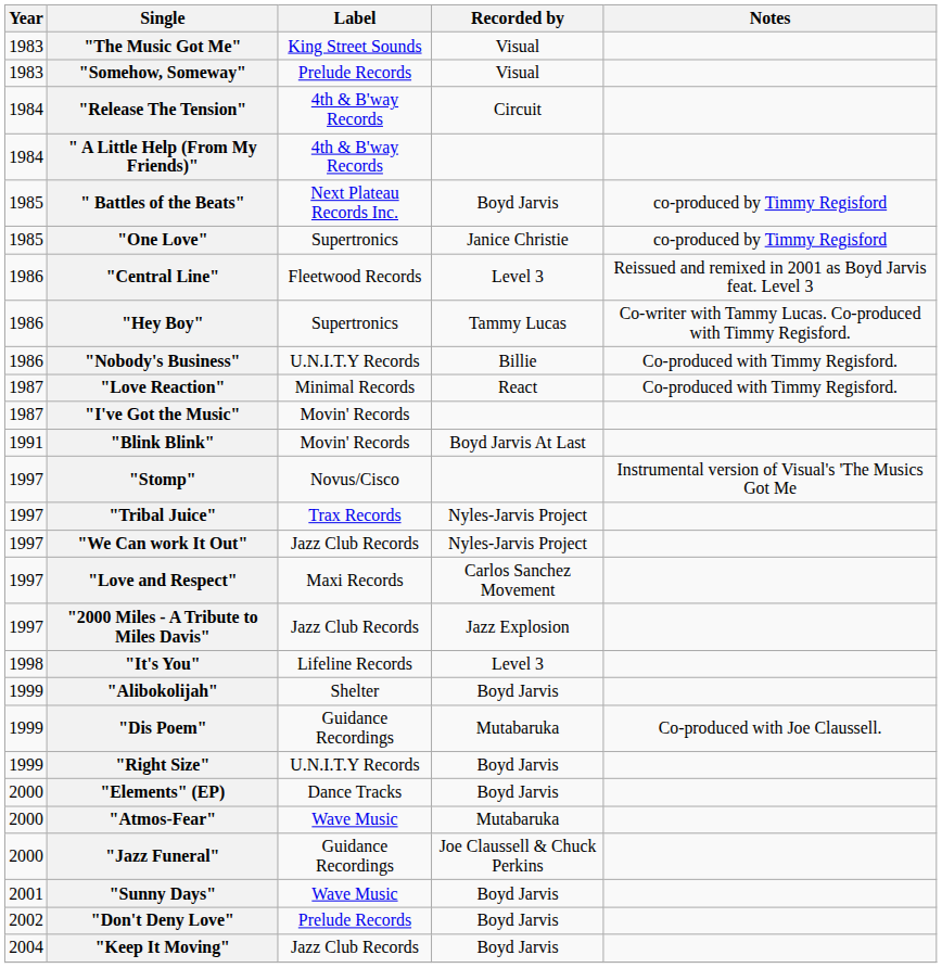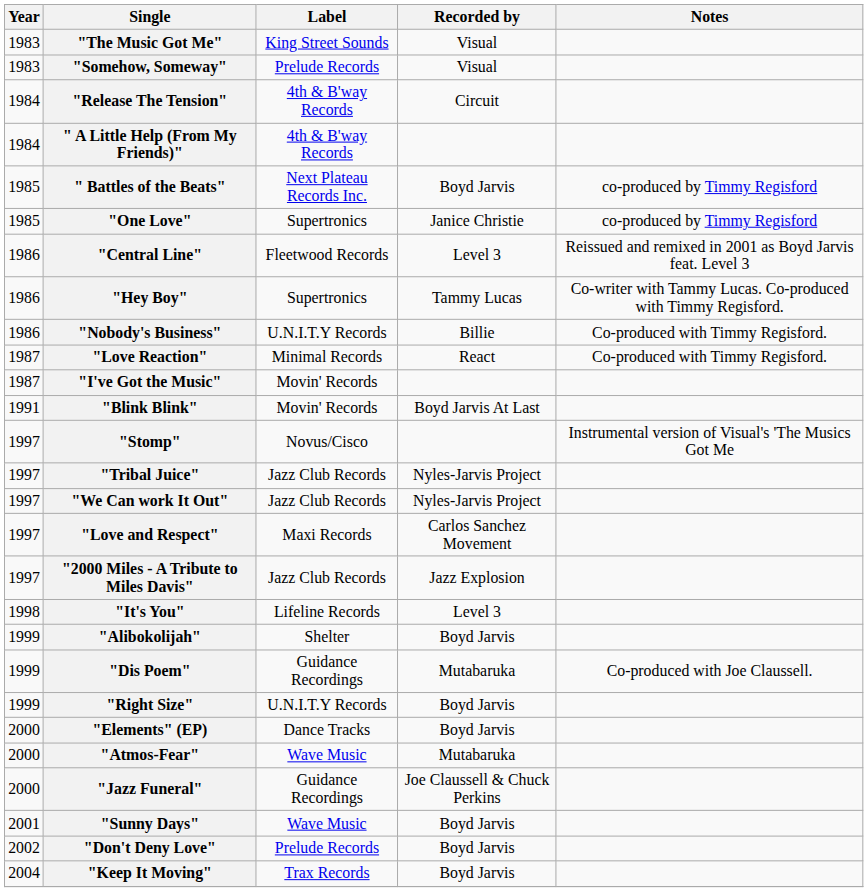 <table class="wikitable sortable" style="text-align:center;">
 <tr>
 <th>Year</th>
 <th>Single</th>
 <th>Label</th>
 <th>Recorded by</th>
 <th>Notes</th>
 </tr>
 <tr>
 <td>1983</td>
 <th scope="row">"The Music Got Me"</th>
 <td><a href='#'>King Street Sounds</a></td>
 <td>Visual</td>
 <td></td>
 </tr>
 <tr>
 <td>1983</td>
 <th scope="row">"Somehow, Someway"</th>
 <td><a href='#'>Prelude Records</a></td>
 <td>Visual</td>
 <td></td>
 </tr>
 <tr>
 <td>1984</td>
 <th scope="row">"Release The Tension"</th>
 <td><a href='#'>4th & B'way Records</a></td>
 <td>Circuit</td>
 <td></td>
 </tr>
 <tr>
 <td>1984</td>
 <th scope="row" align="left">" A Little Help (From My Friends)"</th>
 <td><a href='#'>4th & B'way Records</a></td>
 <td Circuit></td>
 <td></td>
 </tr>
 <tr>
 <td>1985</td>
 <th scope="row" align="left">" Battles of the Beats"</th>
 <td><a href='#'>Next Plateau Records Inc.</a></td>
 <td>Boyd Jarvis</td>
 <td>co-produced by <a href='#'>Timmy Regisford</a></td>
 </tr>
 <tr>
 <td>1985</td>
 <th scope="row">"One Love"</th>
 <td>Supertronics</td>
 <td>Janice Christie</td>
 <td>co-produced by <a href='#'>Timmy Regisford</a></td>
 </tr>
 <tr>
 <td>1986</td>
 <th scope="row">"Central Line"</th>
 <td>Fleetwood Records</td>
 <td>Level 3</td>
 <td>Reissued and remixed in 2001 as Boyd Jarvis feat. Level 3</td>
 </tr>
 <tr>
 <td>1986</td>
 <th scope="row">"Hey Boy"</th>
 <td>Supertronics</td>
 <td>Tammy Lucas</td>
 <td>Co-writer with Tammy Lucas. Co-produced with Timmy Regisford.</td>
 </tr>
 <tr>
 <td>1986</td>
 <th scope="row">"Nobody's Business"</th>
 <td>U.N.I.T.Y Records</td>
 <td>Billie</td>
 <td>Co-produced with Timmy Regisford.</td>
 </tr>
 <tr>
 <td>1987</td>
 <th scope="row">"Love Reaction"</th>
 <td>Minimal Records</td>
 <td>React</td>
 <td>Co-produced with Timmy Regisford.</td>
 </tr>
 <tr>
 <td>1987</td>
 <th scope="row">"I've Got the Music"</th>
 <td>Movin' Records</td>
 <td Before The Storm Featuring Boyd Jarvis></td>
 <td></td>
 </tr>
 <tr>
 <td>1991</td>
 <th scope="row">"Blink Blink"</th>
 <td>Movin' Records</td>
 <td>Boyd Jarvis At Last</td>
 <td></td>
 </tr>
 <tr>
 <td>1997</td>
 <th scope="row">"Stomp"</th>
 <td>Novus/Cisco</td>
 <td></td>
 <td>Instrumental version of Visual's 'The Musics Got Me<em></td>
 </tr>
 <tr>
 <td>1997</td>
 <th scope="row">"Tribal Juice"</th>
-<td><a href='#'>Trax Records</a></td>
+<td>Jazz Club Records</td>
 <td>Nyles-Jarvis Project</td>
 <td></td>
 </tr>
 <tr>
 <td>1997</td>
 <th scope="row">"We Can work It Out"</th>
 <td>Jazz Club Records</td>
 <td>Nyles-Jarvis Project</td>
 <td></td>
 </tr>
 <tr>
 <td>1997</td>
 <th scope="row">"Love and Respect"</th>
 <td>Maxi Records</td>
 <td>Carlos Sanchez Movement</td>
 <td></td>
 </tr>
 <tr>
 <td>1997</td>
 <th scope="row">"2000 Miles - A Tribute to Miles Davis"</th>
 <td>Jazz Club Records</td>
 <td>Jazz Explosion</td>
 <td></td>
 </tr>
 <tr>
 <td>1998</td>
 <th scope="row">"It's You"</th>
 <td>Lifeline Records</td>
 <td>Level 3</td>
 <td></td>
 </tr>
 <tr>
 <td>1999</td>
 <th scope="row">"Alibokolijah"</th>
 <td>Shelter</td>
 <td>Boyd Jarvis</td>
 <td></td>
 </tr>
 <tr>
 <td>1999</td>
 <th scope="row">"Dis Poem"</th>
 <td>Guidance Recordings</td>
 <td>Mutabaruka</td>
 <td>Co-produced with Joe Claussell.</td>
 </tr>
 <tr>
 <td>1999</td>
 <th scope="row">"Right Size"</th>
 <td>U.N.I.T.Y Records</td>
 <td>Boyd Jarvis</td>
 <td></td>
 </tr>
 <tr>
 <td>2000</td>
 <th scope="row">"Elements" (EP)</th>
 <td>Dance Tracks</td>
 <td>Boyd Jarvis</td>
 <td></td>
 </tr>
 <tr>
 <td>2000</td>
 <th scope="row">"Atmos-Fear"</th>
 <td><a href='#'>Wave Music</a></td>
 <td>Mutabaruka</td>
 <td></td>
 </tr>
 <tr>
 <td>2000</td>
 <th scope="row">"Jazz Funeral"</th>
 <td>Guidance Recordings</td>
 <td>Joe Claussell & Chuck Perkins</td>
 <td></td>
 </tr>
 <tr>
 <td>2001</td>
 <th scope="row" align="left">"Sunny Days"</th>
 <td><a href='#'>Wave Music</a></td>
 <td>Boyd Jarvis</td>
 <td></td>
 </tr>
 <tr>
 <td>2002</td>
 <th scope="row" align="left">"Don't Deny Love"</th>
 <td><a href='#'>Prelude Records</a></td>
 <td>Boyd Jarvis</td>
 <td></td>
 </tr>
 <tr>
 <td>2004</td>
 <th scope="row" align="left">"Keep It Moving"</th>
-<td>Jazz Club Records</td>
+<td><a href='#'>Trax Records</a></td>
 <td>Boyd Jarvis</td>
 <td></td>
 </tr>
 <tr>
 </tr>
 </table>
